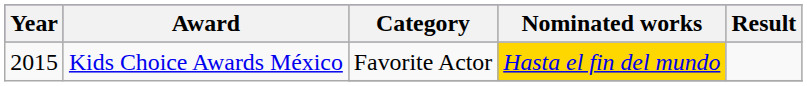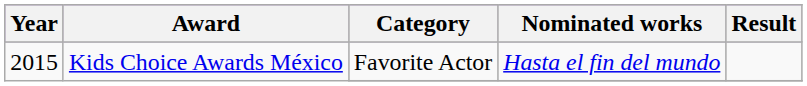 <table class="wikitable plainrowheaders" style="text-align:center;">
 <tr style="background:#96c;">
 <th scope="col">Year</th>
 <th scope="col">Award</th>
 <th scope="col">Category</th>
 <th scope="col">Nominated works</th>
 <th scope="col">Result</th>
 </tr>
 <tr>
 <td scope="row" rowspan="6">2015</td>
 <td rowspan="2"><a href='#'>Kids Choice Awards México</a></td>
 <td scope="row">Favorite Actor</td>
-<td rowspan="1" style="background: gold;"><em><a href='#'>Hasta el fin del mundo</a></em></td>
+<td rowspan="1"><em><a href='#'>Hasta el fin del mundo</a></em></td>
 <td></td>
 </tr>
 <tr>
 </tr>
 </table>
